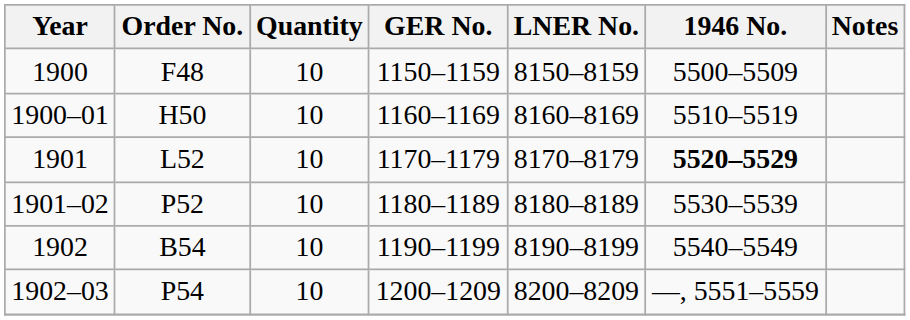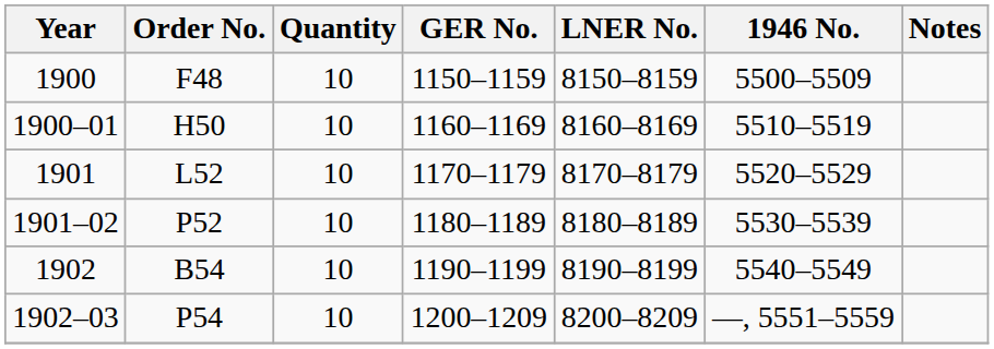 <table class=wikitable style=text-align:center>
 <tr>
 <th>Year</th>
 <th>Order No.</th>
 <th>Quantity</th>
 <th>GER No.</th>
 <th>LNER No.</th>
 <th>1946 No.</th>
 <th>Notes</th>
 </tr>
 <tr>
 <td>1900</td>
 <td>F48</td>
 <td>10</td>
 <td>1150–1159</td>
 <td>8150–8159</td>
 <td>5500–5509</td>
 <td></td>
 </tr>
 <tr>
 <td>1900–01</td>
 <td>H50</td>
 <td>10</td>
 <td>1160–1169</td>
 <td>8160–8169</td>
 <td>5510–5519</td>
 <td></td>
 </tr>
 <tr>
 <td>1901</td>
 <td>L52</td>
 <td>10</td>
 <td>1170–1179</td>
 <td>8170–8179</td>
-<td><strong>5520–5529</strong></td>
+<td>5520–5529</td>
 <td></td>
 </tr>
 <tr>
 <td>1901–02</td>
 <td>P52</td>
 <td>10</td>
 <td>1180–1189</td>
 <td>8180–8189</td>
 <td>5530–5539</td>
 <td></td>
 </tr>
 <tr>
 <td>1902</td>
 <td>B54</td>
 <td>10</td>
 <td>1190–1199</td>
 <td>8190–8199</td>
 <td>5540–5549</td>
 <td></td>
 </tr>
 <tr>
 <td>1902–03</td>
 <td>P54</td>
 <td>10</td>
 <td>1200–1209</td>
 <td>8200–8209</td>
 <td>—, 5551–5559</td>
 <td></td>
 </tr>
 <tr>
 </tr>
 </table>
